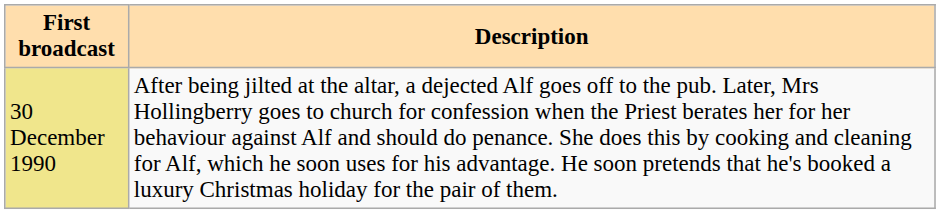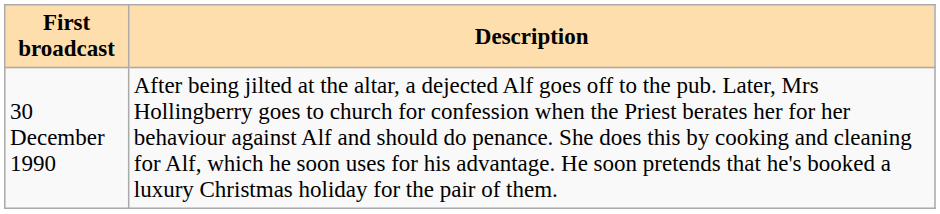 <table class="wikitable" border="1" style="font-size: 94%">
 <tr>
 <th style="background:#ffdead">First broadcast</th>
 <th style="background:#ffdead">Description</th>
 </tr>
 <tr>
-<td style="background: khaki;">30 December 1990</td>
+<td>30 December 1990</td>
 <td>After being jilted at the altar, a dejected Alf goes off to the pub. Later, Mrs Hollingberry goes to church for confession when the Priest berates her for her behaviour against Alf and should do penance. She does this by cooking and cleaning for Alf, which he soon uses for his advantage. He soon pretends that he's booked a luxury Christmas holiday for the pair of them.</td>
 </tr>
 </table>
